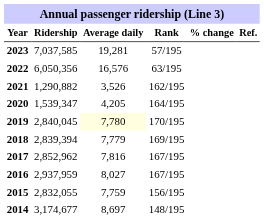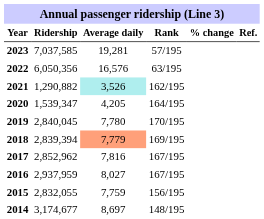 <table class="toccolours" cellpadding="4" cellspacing="0" style="text-align:right;">
 <tr>
 <th colspan="6"  style="background-color:#ccf; background-color:#ccf; font-size:110%; text-align:center;">Annual passenger ridership (Line 3)</th>
 </tr>
 <tr style="font-size:95%; text-align:center">
 <th style="border-bottom:1px solid black">Year</th>
 <th style="border-bottom:1px solid black">Ridership</th>
 <th style="border-bottom:1px solid black">Average daily</th>
 <th style="border-bottom:1px solid black">Rank</th>
 <th style="border-bottom:1px solid black">% change</th>
 <th style="border-bottom:1px solid black">Ref.</th>
 </tr>
 <tr style="text-align:center;">
 <td><strong>2023</strong></td>
 <td>7,037,585</td>
 <td>19,281</td>
 <td>57/195</td>
 <td></td>
 <td></td>
 </tr>
 <tr style="text-align:center;">
 <td><strong>2022</strong></td>
 <td>6,050,356</td>
 <td>16,576</td>
 <td>63/195</td>
 <td></td>
 <td></td>
 </tr>
 <tr style="text-align:center;">
 <td><strong>2021</strong></td>
 <td>1,290,882</td>
-<td>3,526</td>
+<td style="background: paleturquoise;">3,526</td>
 <td>162/195</td>
 <td></td>
 <td></td>
 </tr>
 <tr style="text-align:center;">
 <td><strong>2020</strong></td>
 <td>1,539,347</td>
 <td>4,205</td>
 <td>164/195</td>
 <td></td>
 <td></td>
 </tr>
 <tr style="text-align:center;">
 <td><strong>2019</strong></td>
 <td>2,840,045</td>
-<td style="background: lightyellow;">7,780</td>
+<td>7,780</td>
 <td>170/195</td>
 <td></td>
 <td></td>
 </tr>
 <tr style="text-align:center;">
 <td><strong>2018</strong></td>
 <td>2,839,394</td>
-<td>7,779</td>
+<td style="background: lightsalmon;">7,779</td>
 <td>169/195</td>
 <td></td>
 <td></td>
 </tr>
 <tr style="text-align:center;">
 <td><strong>2017</strong></td>
 <td>2,852,962</td>
 <td>7,816</td>
 <td>167/195</td>
 <td></td>
 <td></td>
 </tr>
 <tr style="text-align:center;">
 <td><strong>2016</strong></td>
 <td>2,937,959</td>
 <td>8,027</td>
 <td>167/195</td>
 <td></td>
 <td></td>
 </tr>
 <tr style="text-align:center;">
 <td><strong>2015</strong></td>
 <td>2,832,055</td>
 <td>7,759</td>
 <td>156/195</td>
 <td></td>
 <td></td>
 </tr>
 <tr style="text-align:center;">
 <td><strong>2014</strong></td>
 <td>3,174,677</td>
 <td>8,697</td>
 <td>148/195</td>
 <td></td>
 <td></td>
 </tr>
 </table>
